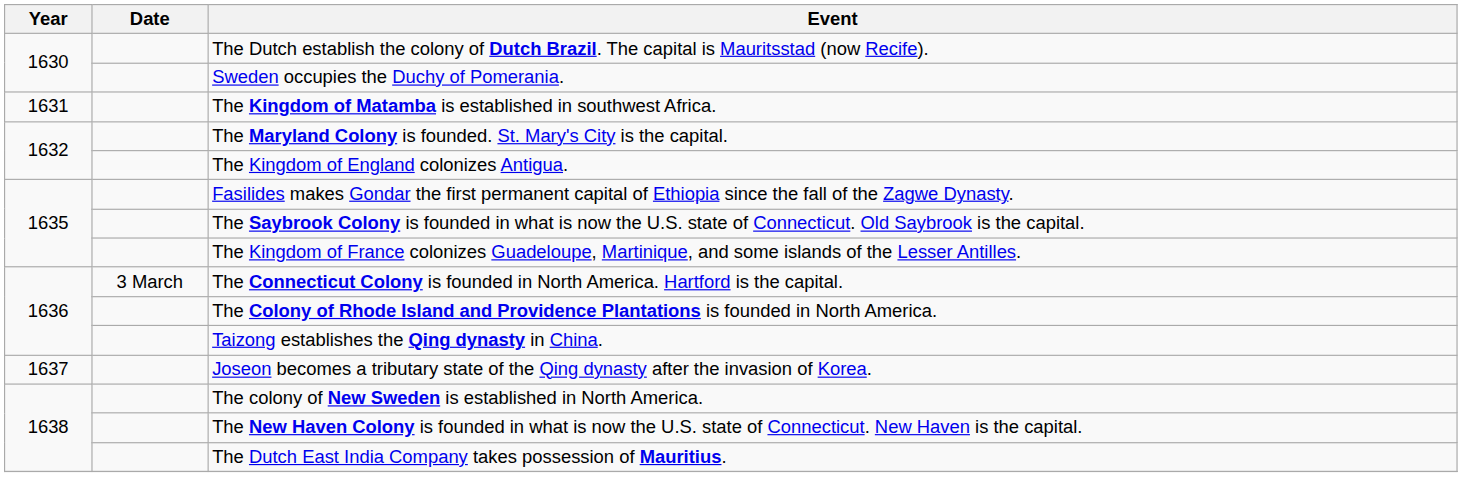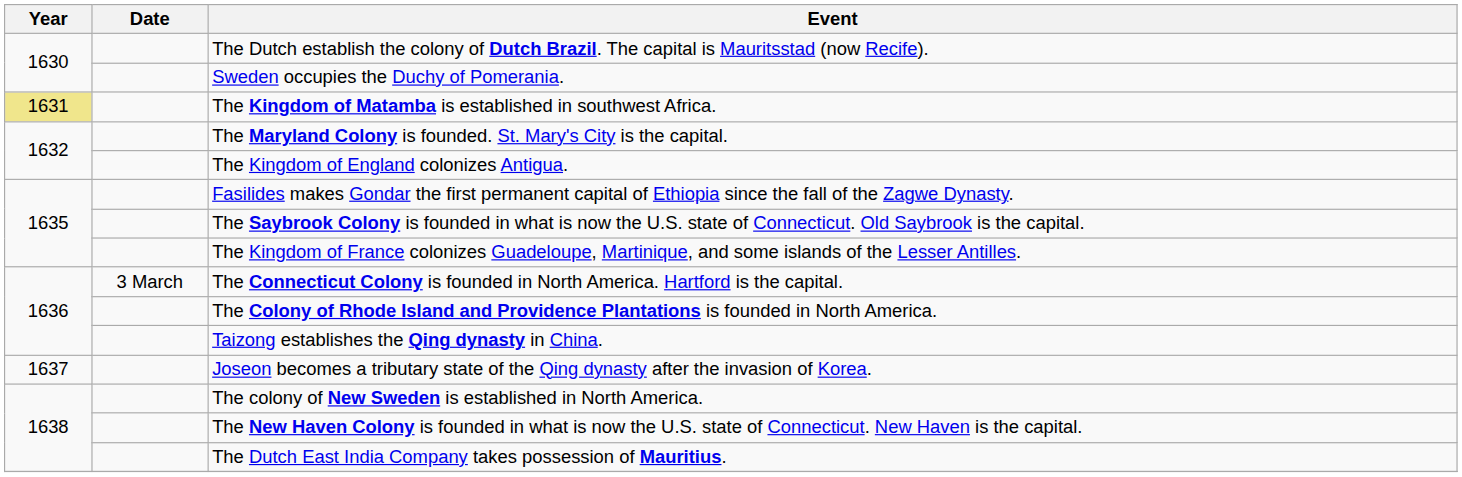 <table class=wikitable style="width:100%;">
 <tr>
 <th style="width:6%">Year</th>
 <th style="width:8%">Date</th>
 <th style="width:86%">Event</th>
 </tr>
 <tr>
 <td rowspan=2 align=center>1630</td>
 <td></td>
 <td>The Dutch establish the colony of <strong><a href='#'>Dutch Brazil</a></strong>. The capital is <a href='#'>Mauritsstad</a> (now <a href='#'>Recife</a>).</td>
 </tr>
 <tr>
 <td></td>
 <td><a href='#'>Sweden</a> occupies the <a href='#'>Duchy of Pomerania</a>.</td>
 </tr>
 <tr>
-<td align=center>1631</td>
+<td align=center style="background: khaki;">1631</td>
 <td></td>
 <td>The <strong><a href='#'>Kingdom of Matamba</a></strong> is established in southwest Africa.</td>
 </tr>
 <tr>
 <td rowspan=2 align=center>1632</td>
 <td></td>
 <td>The <strong><a href='#'>Maryland Colony</a></strong> is founded. <a href='#'>St. Mary's City</a> is the capital.</td>
 </tr>
 <tr>
 <td></td>
 <td>The <a href='#'>Kingdom of England</a> colonizes <a href='#'>Antigua</a>.</td>
 </tr>
 <tr>
 <td rowspan=3 align=center>1635</td>
 <td></td>
 <td><a href='#'>Fasilides</a> makes <a href='#'>Gondar</a> the first permanent capital of <a href='#'>Ethiopia</a> since the fall of the <a href='#'>Zagwe Dynasty</a>.</td>
 </tr>
 <tr>
 <td></td>
 <td>The <strong><a href='#'>Saybrook Colony</a></strong> is founded in what is now the U.S. state of <a href='#'>Connecticut</a>. <a href='#'>Old Saybrook</a> is the capital.</td>
 </tr>
 <tr>
 <td></td>
 <td>The <a href='#'>Kingdom of France</a> colonizes <a href='#'>Guadeloupe</a>, <a href='#'>Martinique</a>, and some islands of the <a href='#'>Lesser Antilles</a>.</td>
 </tr>
 <tr>
 <td rowspan=3 align=center>1636</td>
 <td align=center>3 March</td>
 <td>The <strong><a href='#'>Connecticut Colony</a></strong> is founded in North America. <a href='#'>Hartford</a> is the capital.</td>
 </tr>
 <tr>
 <td></td>
 <td>The <strong><a href='#'>Colony of Rhode Island and Providence Plantations</a></strong> is founded in North America.</td>
 </tr>
 <tr>
 <td></td>
 <td><a href='#'>Taizong</a> establishes the <strong><a href='#'>Qing dynasty</a></strong> in <a href='#'>China</a>.</td>
 </tr>
 <tr>
 <td align=center>1637</td>
 <td></td>
 <td><a href='#'>Joseon</a> becomes a tributary state of the <a href='#'>Qing dynasty</a> after the invasion of <a href='#'>Korea</a>.</td>
 </tr>
 <tr>
 <td rowspan=3 align=center>1638</td>
 <td></td>
 <td>The colony of <strong><a href='#'>New Sweden</a></strong> is established in North America.</td>
 </tr>
 <tr>
 <td></td>
 <td>The <strong><a href='#'>New Haven Colony</a></strong> is founded in what is now the U.S. state of <a href='#'>Connecticut</a>. <a href='#'>New Haven</a> is the capital.</td>
 </tr>
 <tr>
 <td></td>
 <td>The <a href='#'>Dutch East India Company</a> takes possession of <strong><a href='#'>Mauritius</a></strong>.</td>
 </tr>
 <tr>
 </tr>
 </table>
